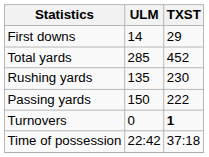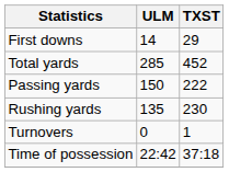 <table class="wikitable" style="float: left;">
 <tr>
 <th>Statistics</th>
 <th>ULM</th>
 <th>TXST</th>
 </tr>
 <tr>
 <td>First downs</td>
 <td>14</td>
 <td>29</td>
 </tr>
 <tr>
 <td>Total yards</td>
 <td>285</td>
 <td>452</td>
 </tr>
 <tr>
+<td>Passing yards</td>
+<td>150</td>
+<td>222</td>
+</tr>
+<tr>
 <td>Rushing yards</td>
 <td>135</td>
 <td>230</td>
 </tr>
 <tr>
-<td>Passing yards</td>
-<td>150</td>
-<td>222</td>
-</tr>
-<tr>
 <td>Turnovers</td>
 <td>0</td>
-<td><strong>1</strong></td>
+<td>1</td>
 </tr>
 <tr>
 <td>Time of possession</td>
 <td>22:42</td>
 <td>37:18</td>
 </tr>
 <tr>
 </tr>
 </table>
